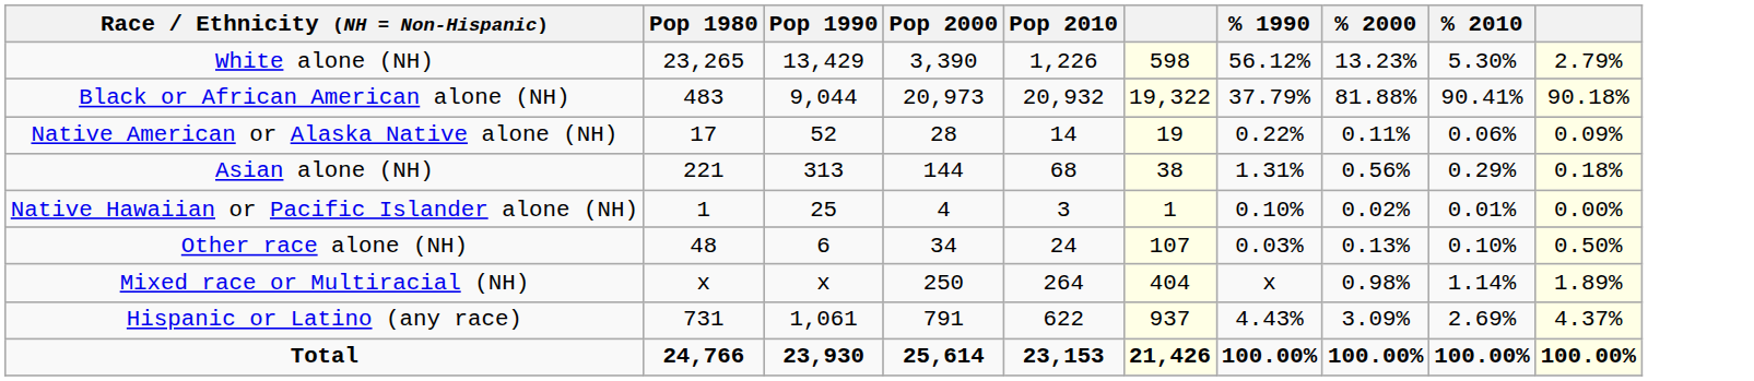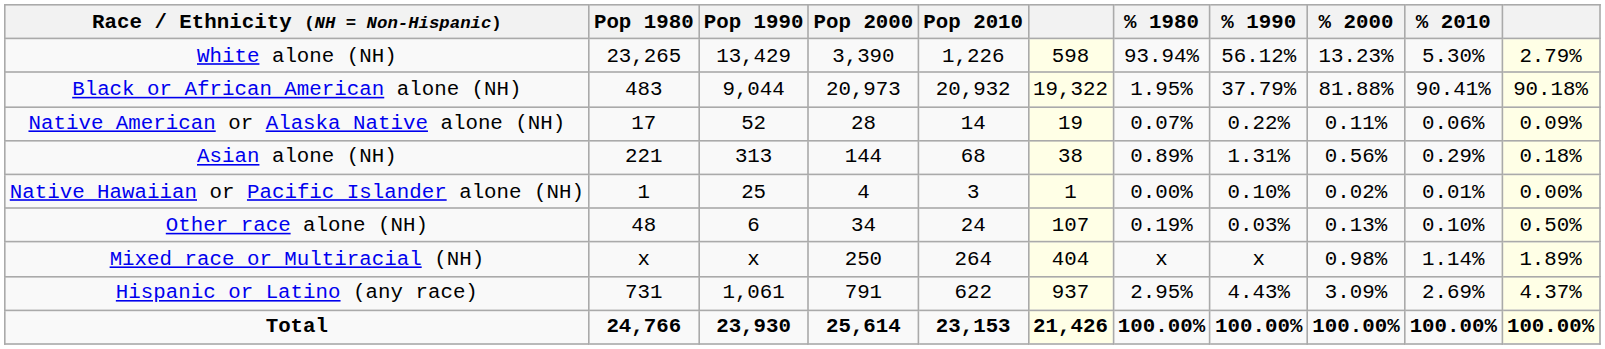 <table class="wikitable" style="text-align:center;">
 <tr>
 <th>Race / Ethnicity <small>(<em>NH = Non-Hispanic</em>)</small></th>
 <th>Pop 1980</th>
 <th>Pop 1990</th>
 <th>Pop 2000</th>
 <th>Pop 2010</th>
 <th></th>
+<th>% 1980</th>
 <th>% 1990</th>
 <th>% 2000</th>
 <th>% 2010</th>
 <th></th>
 </tr>
 <tr>
 <td><a href='#'>White</a> alone (NH)</td>
 <td>23,265</td>
 <td>13,429</td>
 <td>3,390</td>
 <td>1,226</td>
 <td style='background: #ffffe6;'>598</td>
+<td>93.94%</td>
 <td>56.12%</td>
 <td>13.23%</td>
 <td>5.30%</td>
 <td style='background: #ffffe6;'>2.79%</td>
 </tr>
 <tr>
 <td><a href='#'>Black or African American</a> alone (NH)</td>
 <td>483</td>
 <td>9,044</td>
 <td>20,973</td>
 <td>20,932</td>
 <td style='background: #ffffe6;'>19,322</td>
+<td>1.95%</td>
 <td>37.79%</td>
 <td>81.88%</td>
 <td>90.41%</td>
 <td style='background: #ffffe6;'>90.18%</td>
 </tr>
 <tr>
 <td><a href='#'>Native American</a> or <a href='#'>Alaska Native</a> alone (NH)</td>
 <td>17 </td>
 <td>52</td>
 <td>28</td>
 <td>14</td>
 <td style='background: #ffffe6;'>19</td>
+<td>0.07%</td>
 <td>0.22%</td>
 <td>0.11%</td>
 <td>0.06%</td>
 <td style='background: #ffffe6;'>0.09%</td>
 </tr>
 <tr>
 <td><a href='#'>Asian</a> alone (NH)</td>
 <td>221 </td>
 <td>313</td>
 <td>144</td>
 <td>68</td>
 <td style='background: #ffffe6;'>38</td>
+<td>0.89%</td>
 <td>1.31%</td>
 <td>0.56%</td>
 <td>0.29%</td>
 <td style='background: #ffffe6;'>0.18%</td>
 </tr>
 <tr>
 <td><a href='#'>Native Hawaiian</a> or <a href='#'>Pacific Islander</a> alone (NH)</td>
 <td>1 </td>
 <td>25 </td>
 <td>4</td>
 <td>3</td>
 <td style='background: #ffffe6;'>1</td>
+<td>0.00%</td>
 <td>0.10%</td>
 <td>0.02%</td>
 <td>0.01%</td>
 <td style='background: #ffffe6;'>0.00%</td>
 </tr>
 <tr>
 <td><a href='#'>Other race</a> alone (NH)</td>
 <td>48 </td>
 <td>6</td>
 <td>34</td>
 <td>24</td>
 <td style='background: #ffffe6;'>107</td>
+<td>0.19%</td>
 <td>0.03%</td>
 <td>0.13%</td>
 <td>0.10%</td>
 <td style='background: #ffffe6;'>0.50%</td>
 </tr>
 <tr>
 <td><a href='#'>Mixed race or Multiracial</a> (NH)</td>
 <td>x </td>
 <td>x </td>
 <td>250</td>
 <td>264</td>
 <td style='background: #ffffe6;'>404</td>
 <td>x</td>
+<td>x</td>
 <td>0.98%</td>
 <td>1.14%</td>
 <td style='background: #ffffe6;'>1.89%</td>
 </tr>
 <tr>
 <td><a href='#'>Hispanic or Latino</a> (any race)</td>
 <td>731 </td>
 <td>1,061</td>
 <td>791</td>
 <td>622</td>
 <td style='background: #ffffe6;'>937</td>
+<td>2.95%</td>
 <td>4.43%</td>
 <td>3.09%</td>
 <td>2.69%</td>
 <td style='background: #ffffe6;'>4.37%</td>
 </tr>
 <tr>
 <td><strong>Total</strong></td>
 <td><strong>24,766</strong></td>
 <td><strong>23,930</strong></td>
 <td><strong>25,614</strong></td>
 <td><strong>23,153</strong></td>
 <td style='background: #ffffe6;'><strong>21,426</strong></td>
 <td><strong>100.00%</strong></td>
 <td><strong>100.00%</strong></td>
 <td><strong>100.00%</strong></td>
+<td><strong>100.00%</strong></td>
 <td style='background: #ffffe6;'><strong>100.00%</strong></td>
 </tr>
 </table>
